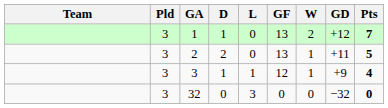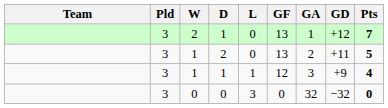 <table class="wikitable" style="text-align: center;">
 <tr>
 <th width="180">Team</th>
 <th width="30">Pld</th>
-<th width="30">GA</th>
+<th width="30">W</th>
 <th width="30">D</th>
 <th width="30">L</th>
 <th width="30">GF</th>
-<th width="30">W</th>
+<th width="30">GA</th>
 <th width="30">GD</th>
 <th width="30">Pts</th>
 </tr>
 <tr align=center bgcolor="ccffcc">
 <td style="text-align:left;"></td>
 <td>3</td>
-<td>1</td>
+<td>2</td>
 <td>1</td>
 <td>0</td>
 <td>13</td>
-<td>2</td>
+<td>1</td>
 <td>+12</td>
 <td><strong>7</strong></td>
 </tr>
 <tr>
 <td style="text-align:left;"></td>
 <td>3</td>
-<td>2</td>
+<td>1</td>
 <td>2</td>
 <td>0</td>
 <td>13</td>
-<td>1</td>
+<td>2</td>
 <td>+11</td>
 <td><strong>5</strong></td>
 </tr>
 <tr>
 <td style="text-align:left;"></td>
 <td>3</td>
-<td>3</td>
+<td>1</td>
 <td>1</td>
 <td>1</td>
 <td>12</td>
-<td>1</td>
+<td>3</td>
 <td>+9</td>
 <td><strong>4</strong></td>
 </tr>
 <tr>
 <td style="text-align:left;"></td>
 <td>3</td>
-<td>32</td>
+<td>0</td>
 <td>0</td>
 <td>3</td>
 <td>0</td>
-<td>0</td>
+<td>32</td>
 <td>−32</td>
 <td><strong>0</strong></td>
 </tr>
 </table>
